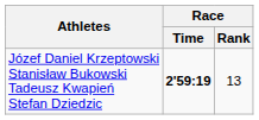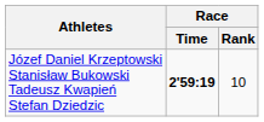 <table class="wikitable" border="1" style="font-size:90%">
 <tr>
 <th rowspan=2>Athletes</th>
 <th colspan=2>Race</th>
 </tr>
 <tr>
 <th>Time</th>
 <th>Rank</th>
 </tr>
 <tr>
 <td><a href='#'>Józef Daniel Krzeptowski</a><br><a href='#'>Stanisław Bukowski</a><br><a href='#'>Tadeusz Kwapień</a><br><a href='#'>Stefan Dziedzic</a></td>
 <td align=center><strong>2'59:19</strong></td>
-<td align=center>13</td>
+<td align=center>10</td>
 </tr>
 </table>
